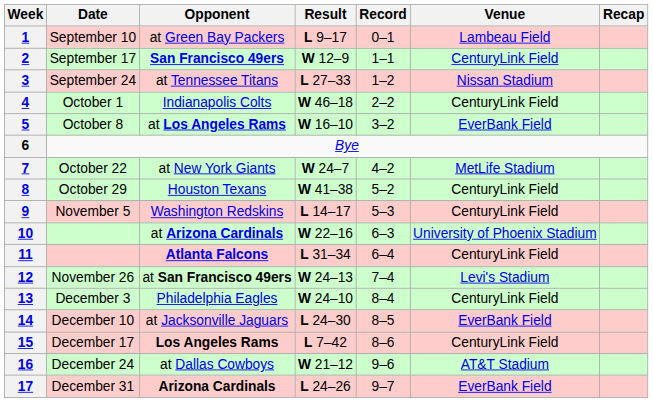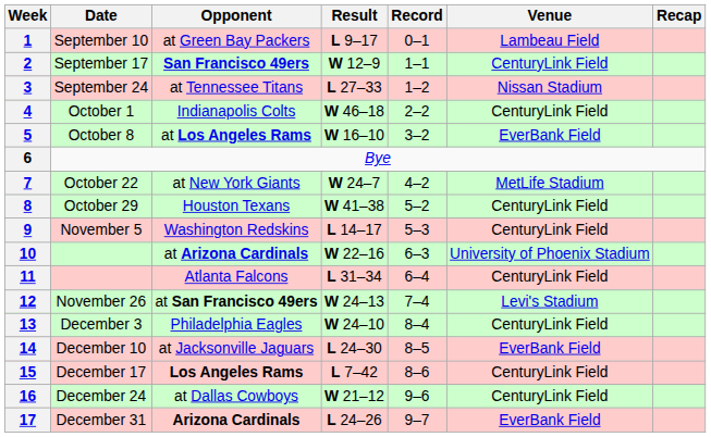 <table class="wikitable" style="text-align:center">
 <tr>
 <th>Week</th>
 <th>Date</th>
 <th>Opponent</th>
 <th>Result</th>
 <th>Record</th>
 <th>Venue</th>
 <th>Recap</th>
 </tr>
 <tr style="background:#fcc">
 <th><a href='#'>1</a></th>
 <td>September 10</td>
 <td>at <a href='#'>Green Bay Packers</a></td>
 <td><strong>L</strong> 9–17</td>
 <td>0–1</td>
 <td><a href='#'>Lambeau Field</a></td>
 <td></td>
 </tr>
 <tr style="background:#cfc">
 <th><a href='#'>2</a></th>
 <td>September 17</td>
 <td><strong><a href='#'>San Francisco 49ers</a></strong></td>
 <td><strong>W</strong> 12–9</td>
 <td>1–1</td>
 <td><a href='#'>CenturyLink Field</a></td>
 <td></td>
 </tr>
 <tr style="background:#fcc">
 <th><a href='#'>3</a></th>
 <td>September 24</td>
 <td>at <a href='#'>Tennessee Titans</a></td>
 <td><strong>L</strong> 27–33</td>
 <td>1–2</td>
 <td><a href='#'>Nissan Stadium</a></td>
 <td></td>
 </tr>
 <tr style="background:#cfc">
 <th><a href='#'>4</a></th>
 <td>October 1</td>
 <td><a href='#'>Indianapolis Colts</a></td>
 <td><strong>W</strong> 46–18</td>
 <td>2–2</td>
 <td>CenturyLink Field</td>
 <td></td>
 </tr>
 <tr style="background:#cfc">
 <th><a href='#'>5</a></th>
 <td>October 8</td>
 <td>at <strong><a href='#'>Los Angeles Rams</a></strong></td>
 <td><strong>W</strong> 16–10</td>
 <td>3–2</td>
 <td><a href='#'>EverBank Field</a></td>
 <td></td>
 </tr>
 <tr>
 <th>6</th>
 <td colspan="6"><em><a href='#'>Bye</a></em></td>
 </tr>
 <tr style="background:#cfc">
 <th><a href='#'>7</a></th>
 <td>October 22</td>
 <td>at <a href='#'>New York Giants</a></td>
 <td><strong>W</strong> 24–7</td>
 <td>4–2</td>
 <td><a href='#'>MetLife Stadium</a></td>
 <td></td>
 </tr>
 <tr style="background:#cfc">
 <th><a href='#'>8</a></th>
 <td>October 29</td>
 <td><a href='#'>Houston Texans</a></td>
 <td><strong>W</strong> 41–38</td>
 <td>5–2</td>
 <td>CenturyLink Field</td>
 <td></td>
 </tr>
 <tr style="background:#fcc">
 <th><a href='#'>9</a></th>
 <td>November 5</td>
 <td><a href='#'>Washington Redskins</a></td>
 <td><strong>L</strong> 14–17</td>
 <td>5–3</td>
 <td>CenturyLink Field</td>
 <td></td>
 </tr>
 <tr style="background:#cfc">
 <th><a href='#'>10</a></th>
 <td></td>
 <td>at <strong><a href='#'>Arizona Cardinals</a></strong></td>
 <td><strong>W</strong> 22–16</td>
 <td>6–3</td>
 <td><a href='#'>University of Phoenix Stadium</a></td>
 <td></td>
 </tr>
 <tr style="background:#fcc">
 <th><a href='#'>11</a></th>
 <td></td>
-<td><strong><a href='#'>Atlanta Falcons</a></strong></td>
+<td><a href='#'>Atlanta Falcons</a></td>
 <td><strong>L</strong> 31–34</td>
 <td>6–4</td>
 <td>CenturyLink Field</td>
 <td></td>
 </tr>
 <tr style="background:#cfc">
 <th><a href='#'>12</a></th>
 <td>November 26</td>
 <td>at <strong>San Francisco 49ers</strong></td>
 <td><strong>W</strong> 24–13</td>
 <td>7–4</td>
 <td><a href='#'>Levi's Stadium</a></td>
 <td></td>
 </tr>
 <tr style="background:#cfc">
 <th><a href='#'>13</a></th>
 <td>December 3</td>
 <td><a href='#'>Philadelphia Eagles</a></td>
 <td><strong>W</strong> 24–10</td>
 <td>8–4</td>
 <td>CenturyLink Field</td>
 <td></td>
 </tr>
 <tr style="background:#fcc">
 <th><a href='#'>14</a></th>
 <td>December 10</td>
 <td>at <a href='#'>Jacksonville Jaguars</a></td>
 <td><strong>L</strong> 24–30</td>
 <td>8–5</td>
 <td><a href='#'>EverBank Field</a></td>
 <td></td>
 </tr>
 <tr style="background:#fcc">
 <th><a href='#'>15</a></th>
 <td>December 17</td>
 <td><strong>Los Angeles Rams</strong></td>
 <td><strong>L</strong> 7–42</td>
 <td>8–6</td>
 <td>CenturyLink Field</td>
 <td></td>
 </tr>
 <tr style="background:#cfc">
 <th><a href='#'>16</a></th>
 <td>December 24</td>
 <td>at <a href='#'>Dallas Cowboys</a></td>
 <td><strong>W</strong> 21–12</td>
 <td>9–6</td>
-<td><a href='#'>AT&T Stadium</a></td>
+<td>CenturyLink Field</td>
 <td></td>
 </tr>
 <tr style="background:#fcc">
 <th><a href='#'>17</a></th>
 <td>December 31</td>
 <td><strong>Arizona Cardinals</strong></td>
 <td><strong>L</strong> 24–26</td>
 <td>9–7</td>
 <td><a href='#'>EverBank Field</a></td>
 <td></td>
 </tr>
 </table>
